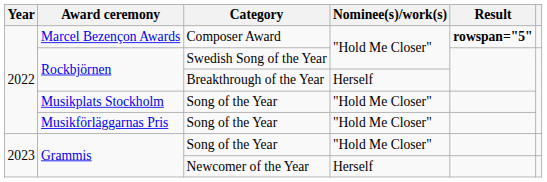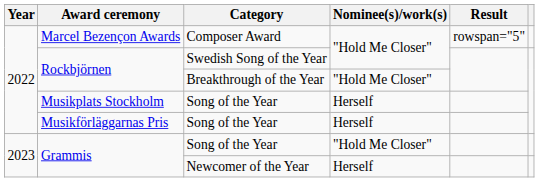 <table class="wikitable sortable plainrowheaders">
 <tr>
 <th scope="col">Year</th>
 <th scope="col">Award ceremony</th>
 <th scope="col">Category</th>
 <th scope="col">Nominee(s)/work(s)</th>
 <th scope="col">Result</th>
 <th scope="col" class="unsortable"></th>
 </tr>
 <tr>
 <td rowspan="5">2022</td>
 <td><a href='#'>Marcel Bezençon Awards</a></td>
 <td>Composer Award</td>
 <td rowspan="2">"Hold Me Closer"</td>
-<td><strong>rowspan="5" </strong></td>
+<td>rowspan="5" </td>
 <td style="text-align:center;"></td>
 </tr>
 <tr>
 <td rowspan="2"><a href='#'>Rockbjörnen</a></td>
 <td>Swedish Song of the Year</td>
 <td rowspan="2" style="text-align:center;"></td>
 </tr>
 <tr>
 <td>Breakthrough of the Year</td>
-<td>Herself</td>
+<td>"Hold Me Closer"</td>
 </tr>
 <tr>
 <td><a href='#'>Musikplats Stockholm</a></td>
 <td>Song of the Year</td>
-<td>"Hold Me Closer"</td>
+<td>Herself</td>
 <td style="text-align:center;"></td>
 </tr>
 <tr>
 <td><a href='#'>Musikförläggarnas Pris</a></td>
 <td>Song of the Year</td>
-<td>"Hold Me Closer"</td>
+<td>Herself</td>
 <td style="text-align:center;"></td>
 </tr>
 <tr>
 <td rowspan="2">2023</td>
 <td rowspan="2"><a href='#'>Grammis</a></td>
 <td>Song of the Year</td>
 <td>"Hold Me Closer"</td>
 <td></td>
 <td style="text-align:center;"></td>
 </tr>
 <tr>
 <td>Newcomer of the Year</td>
 <td>Herself</td>
 <td></td>
 <td style="text-align:center;"></td>
 </tr>
 </table>
